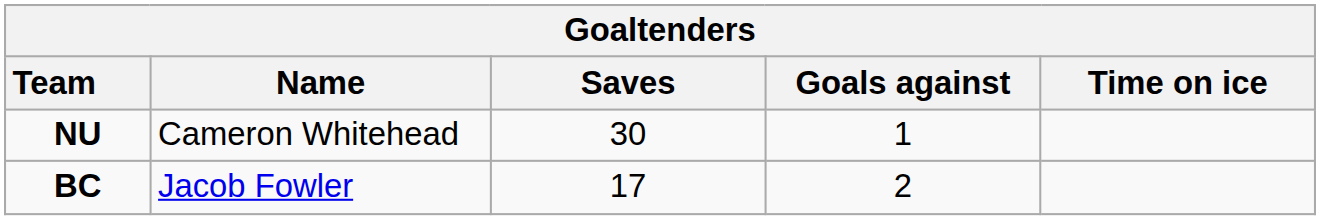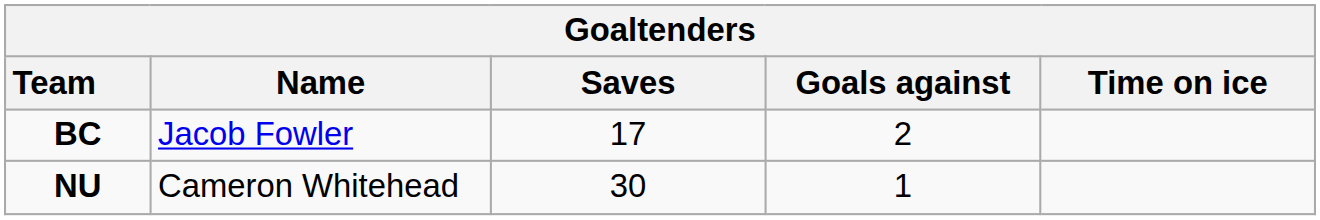 <table class="wikitable" style="width:40em; text-align:right;">
 <tr>
 <th colspan=5>Goaltenders</th>
 </tr>
 <tr>
 <th style="width:4em; text-align:left;">Team</th>
 <th style="width:10em;">Name</th>
 <th style="width:8em;">Saves</th>
 <th style="width:8em;">Goals against</th>
 <th style="width:8em;">Time on ice</th>
 </tr>
 <tr>
+<td align=center><strong>BC</strong></td>
+<td style="text-align:left;"><a href='#'>Jacob Fowler</a></td>
+<td align=center>17</td>
+<td align=center>2</td>
+<td align=center></td>
+</tr>
+<tr>
 <td align=center><strong>NU</strong></td>
 <td style="text-align:left;">Cameron Whitehead</td>
 <td align=center>30</td>
 <td align=center>1</td>
 <td align=center></td>
 </tr>
-<tr>
-<td align=center><strong>BC</strong></td>
-<td style="text-align:left;"><a href='#'>Jacob Fowler</a></td>
-<td align=center>17</td>
-<td align=center>2</td>
-<td align=center></td>
-</tr>
 </table>
